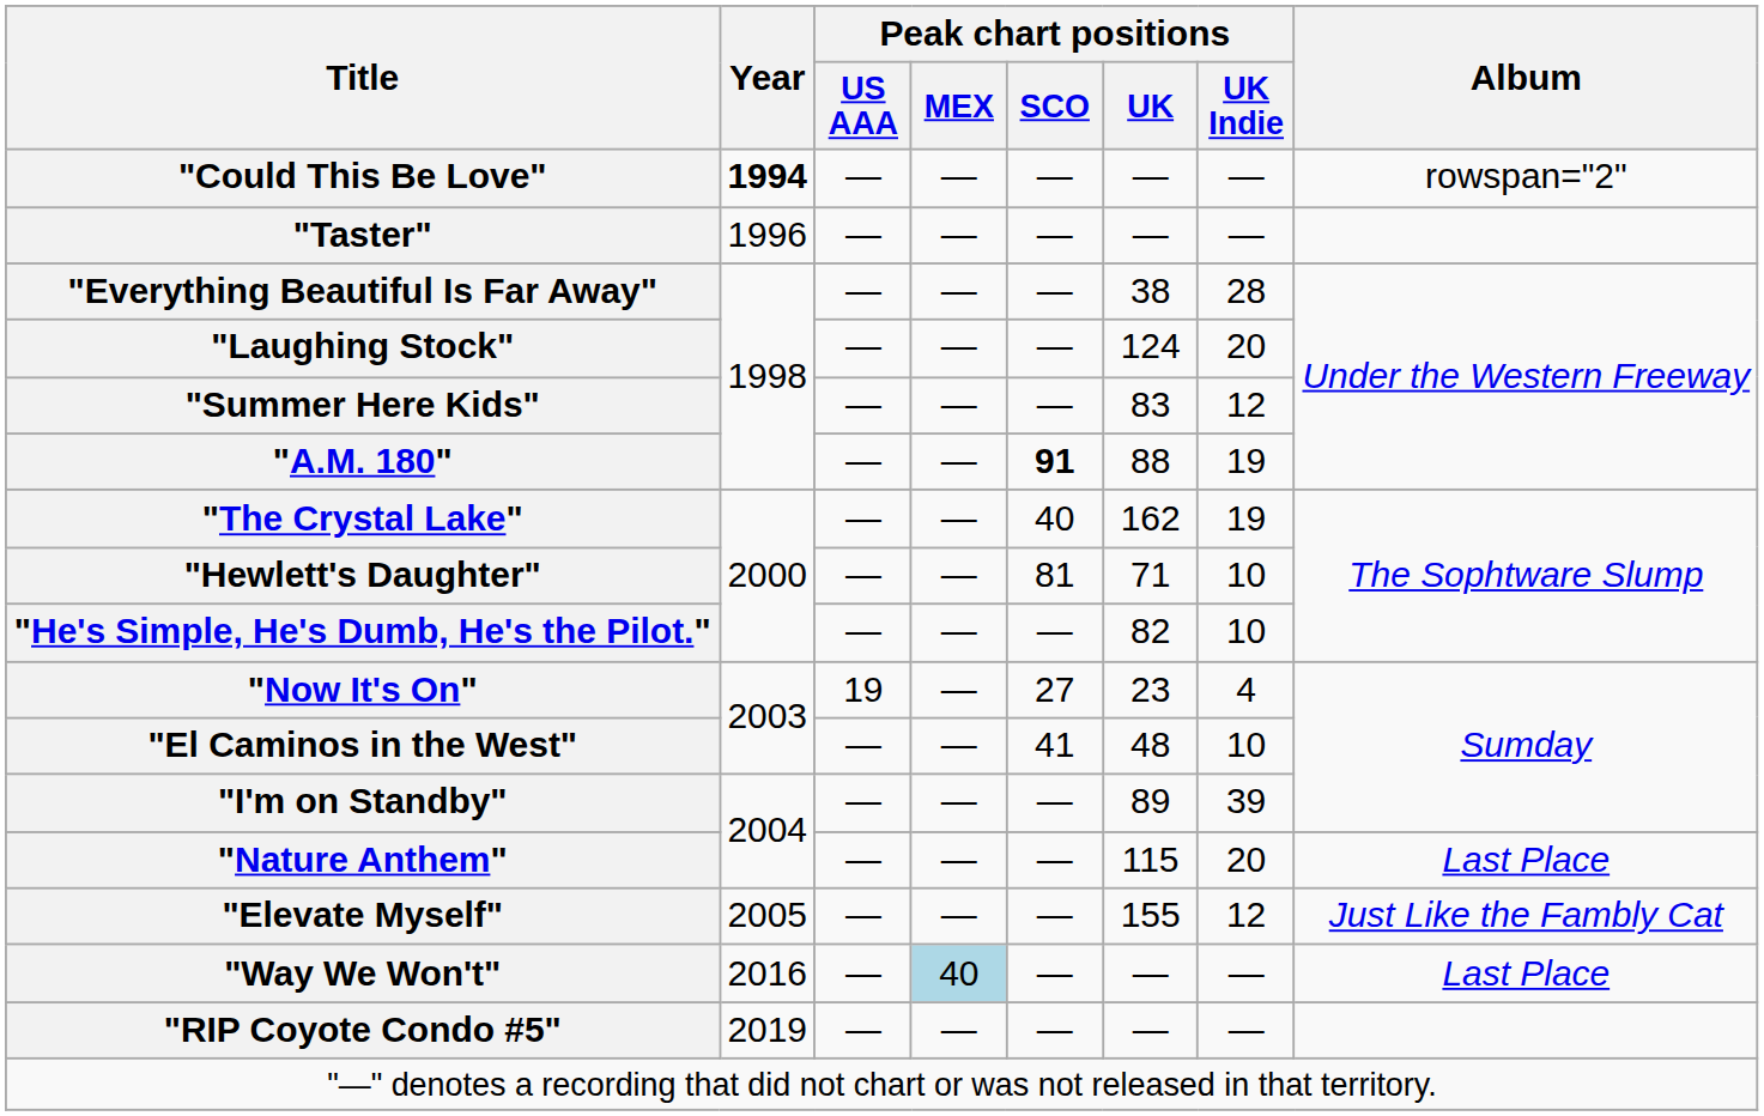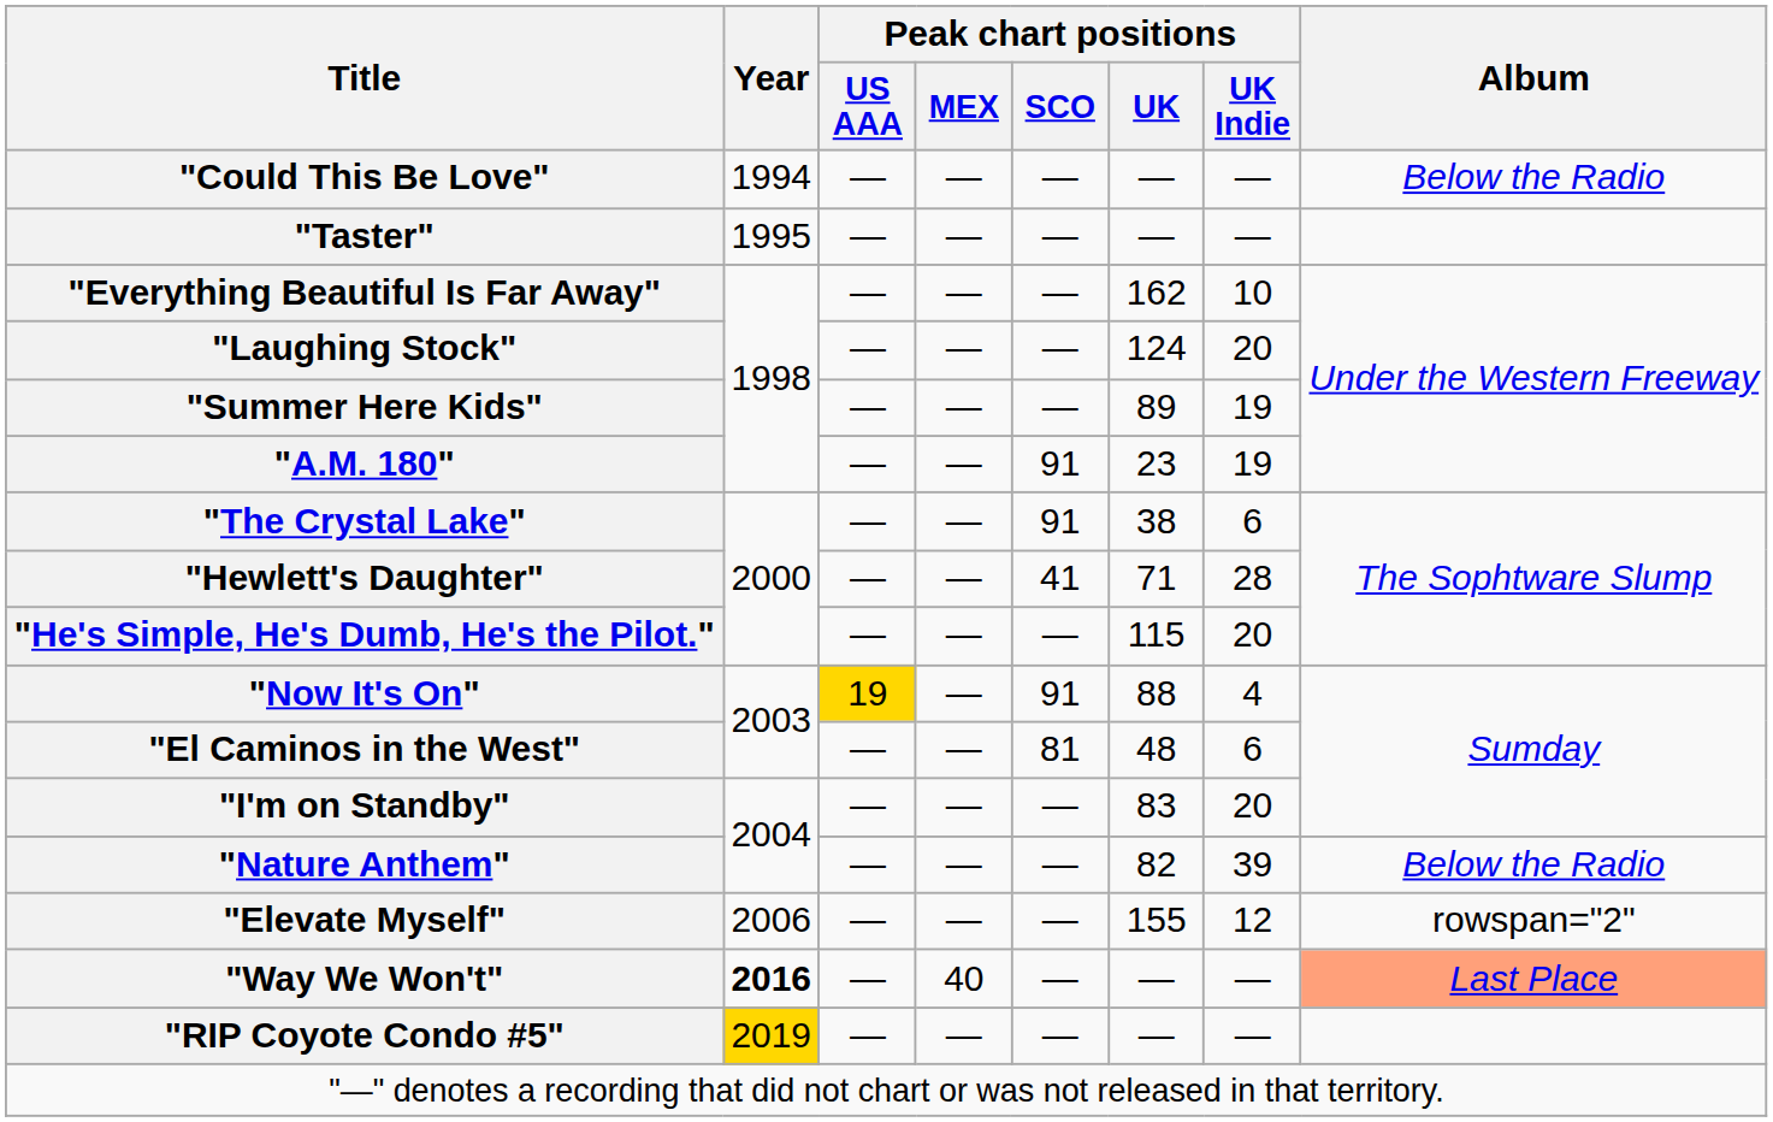 <table class="wikitable plainrowheaders" style="text-align:center;">
 <tr>
 <th rowspan="2" scope="col">Title</th>
 <th rowspan="2" scope="col">Year</th>
 <th colspan="5" scope="col">Peak chart positions</th>
 <th rowspan="2" scope="col">Album</th>
 </tr>
 <tr>
 <th scope="col" style="width:2.5em;font-size:90%;"><a href='#'>US<br>AAA</a><br></th>
 <th scope="col" style="width:2.5em;font-size:90%;"><a href='#'>MEX</a><br></th>
 <th scope="col" style="width:2.5em;font-size:90%;"><a href='#'>SCO</a><br></th>
 <th scope="col" style="width:2.5em;font-size:90%;"><a href='#'>UK</a><br></th>
 <th scope="col" style="width:2.5em;font-size:90%;"><a href='#'>UK<br>Indie</a><br></th>
 </tr>
 <tr>
 <th scope="row">"Could This Be Love"</th>
-<td><strong>1994</strong></td>
+<td>1994</td>
 <td>—</td>
 <td>—</td>
 <td>—</td>
 <td>—</td>
 <td>—</td>
-<td>rowspan="2" </td>
+<td><em><a href='#'>Below the Radio</a></em></td>
 </tr>
 <tr>
 <th scope="row">"Taster"</th>
-<td>1996</td>
+<td>1995</td>
 <td>—</td>
 <td>—</td>
 <td>—</td>
 <td>—</td>
 <td>—</td>
 </tr>
 <tr>
 <th scope="row">"Everything Beautiful Is Far Away"</th>
 <td rowspan="4">1998</td>
 <td>—</td>
 <td>—</td>
 <td>—</td>
-<td>38</td>
-<td>28</td>
+<td>162</td>
+<td>10</td>
 <td rowspan="4"><em><a href='#'>Under the Western Freeway</a></em></td>
 </tr>
 <tr>
 <th scope="row">"Laughing Stock"</th>
 <td>—</td>
 <td>—</td>
 <td>—</td>
 <td>124</td>
 <td>20</td>
 </tr>
 <tr>
 <th scope="row">"Summer Here Kids"</th>
 <td>—</td>
 <td>—</td>
 <td>—</td>
-<td>83</td>
-<td>12</td>
+<td>89</td>
+<td>19</td>
 </tr>
 <tr>
 <th scope="row">"<a href='#'>A.M. 180</a>"</th>
 <td>—</td>
 <td>—</td>
-<td><strong>91</strong></td>
-<td>88</td>
+<td>91</td>
+<td>23</td>
 <td>19</td>
 </tr>
 <tr>
 <th scope="row">"<a href='#'>The Crystal Lake</a>"</th>
 <td rowspan="3">2000</td>
 <td>—</td>
 <td>—</td>
-<td>40</td>
-<td>162</td>
-<td>19</td>
+<td>91</td>
+<td>38</td>
+<td>6</td>
 <td rowspan="3"><em><a href='#'>The Sophtware Slump</a></em></td>
 </tr>
 <tr>
 <th scope="row">"Hewlett's Daughter"</th>
 <td>—</td>
 <td>—</td>
-<td>81</td>
+<td>41</td>
 <td>71</td>
-<td>10</td>
+<td>28</td>
 </tr>
 <tr>
 <th scope="row">"<a href='#'>He's Simple, He's Dumb, He's the Pilot.</a>"</th>
 <td>—</td>
 <td>—</td>
 <td>—</td>
-<td>82</td>
-<td>10</td>
+<td>115</td>
+<td>20</td>
 </tr>
 <tr>
 <th scope="row">"<a href='#'>Now It's On</a>"</th>
 <td rowspan="2">2003</td>
-<td>19</td>
+<td style="background: gold;">19</td>
 <td>—</td>
-<td>27</td>
-<td>23</td>
+<td>91</td>
+<td>88</td>
 <td>4</td>
 <td rowspan="3"><em><a href='#'>Sumday</a></em></td>
 </tr>
 <tr>
 <th scope="row">"El Caminos in the West"</th>
 <td>—</td>
 <td>—</td>
-<td>41</td>
+<td>81</td>
 <td>48</td>
-<td>10</td>
+<td>6</td>
 </tr>
 <tr>
 <th scope="row">"I'm on Standby"</th>
 <td rowspan="2">2004</td>
 <td>—</td>
 <td>—</td>
 <td>—</td>
-<td>89</td>
-<td>39</td>
+<td>83</td>
+<td>20</td>
 </tr>
 <tr>
 <th scope="row">"<a href='#'>Nature Anthem</a>"</th>
 <td>—</td>
 <td>—</td>
 <td>—</td>
-<td>115</td>
-<td>20</td>
-<td><em><a href='#'>Last Place</a></em></td>
+<td>82</td>
+<td>39</td>
+<td><em><a href='#'>Below the Radio</a></em></td>
 </tr>
 <tr>
 <th scope="row">"Elevate Myself"</th>
-<td>2005</td>
+<td>2006</td>
 <td>—</td>
 <td>—</td>
 <td>—</td>
 <td>155</td>
 <td>12</td>
-<td><em><a href='#'>Just Like the Fambly Cat</a></em></td>
+<td>rowspan="2" </td>
 </tr>
 <tr>
 <th scope="row">"Way We Won't"</th>
-<td>2016</td>
+<td><strong>2016</strong></td>
 <td>—</td>
-<td style="background: lightblue;">40</td>
+<td>40</td>
 <td>—</td>
 <td>—</td>
 <td>—</td>
-<td><em><a href='#'>Last Place</a></em></td>
+<td style="background: lightsalmon;"><em><a href='#'>Last Place</a></em></td>
 </tr>
 <tr>
 <th scope="row">"RIP Coyote Condo #5"</th>
-<td>2019</td>
+<td style="background: gold;">2019</td>
 <td>—</td>
 <td>—</td>
 <td>—</td>
 <td>—</td>
 <td>—</td>
 <td></td>
 </tr>
 <tr>
 <td colspan="13" style="font-size:90%">"—" denotes a recording that did not chart or was not released in that territory.</td>
 </tr>
 </table>
